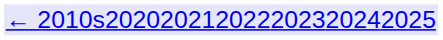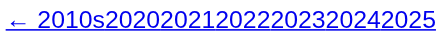 <table id="toc" class="toc" summary=Contents>
 <tr>
 <th></th>
 </tr>
 <tr>
-<td align="center" style="background: lavender;"><a href='#'>← 2010s</a><a href='#'>2020</a><a href='#'>2021</a><a href='#'>2022</a><a href='#'>2023</a><a href='#'>2024</a><a href='#'>2025</a></td>
+<td align="center"><a href='#'>← 2010s</a><a href='#'>2020</a><a href='#'>2021</a><a href='#'>2022</a><a href='#'>2023</a><a href='#'>2024</a><a href='#'>2025</a></td>
 </tr>
 </table>
